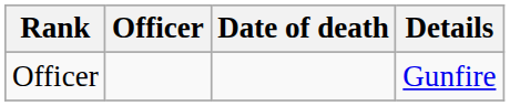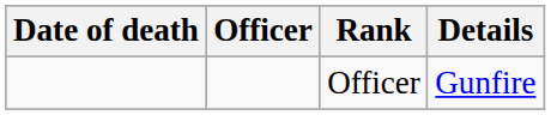 <table class="wikitable">
 <tr>
+<th>Date of death</th>
+<th>Officer</th>
 <th>Rank</th>
-<th>Officer</th>
-<th>Date of death</th>
 <th>Details</th>
 </tr>
 <tr>
-<td>Officer</td>
 <td></td>
 <td></td>
+<td>Officer</td>
 <td><a href='#'>Gunfire</a></td>
 </tr>
 </table>
